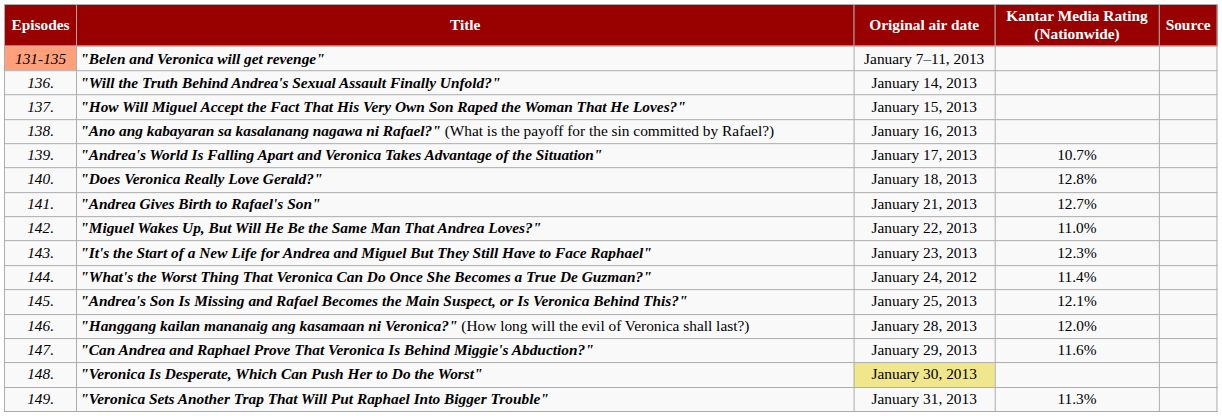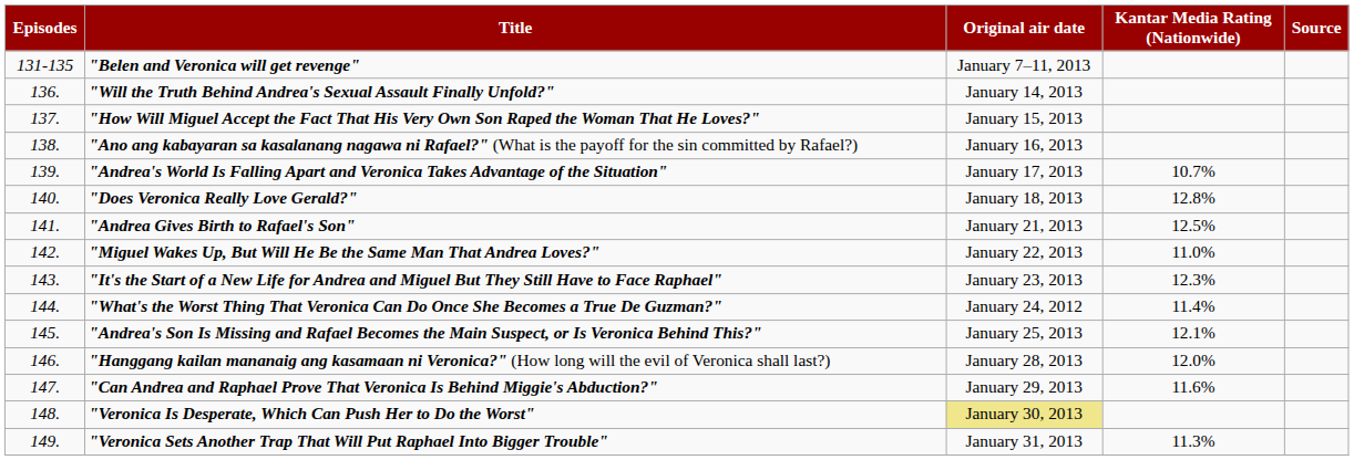 <table class="wikitable" style="text-align:center; font-size:100%; line-height:18px;" width="100%">
 <tr style="color:black;">
 <th style="background:#990000; color:#ffffff">Episodes</th>
 <th style="background:#990000; color:#ffffff">Title</th>
 <th style="background:#990000; color:#ffffff">Original air date</th>
 <th style="background:#990000; color:#ffffff">Kantar Media Rating <br> (Nationwide)</th>
 <th style="background:#990000; color:#ffffff">Source</th>
 </tr>
 <tr style="text-align: center">
-<td style="background: lightsalmon;"><em>131-135</em></td>
+<td><em>131-135</em></td>
 <td align="left"><strong><em>"Belen and Veronica will get revenge"</em></strong></td>
 <td>January 7–11, 2013</td>
 <td></td>
 <td></td>
 </tr>
 <tr>
 <td><em>136.</em></td>
 <td align="left"><strong><em>"Will the Truth Behind Andrea's Sexual Assault Finally Unfold?"</em></strong></td>
 <td>January 14, 2013</td>
 <td></td>
 <td></td>
 </tr>
 <tr>
 <td><em>137.</em></td>
 <td align="left"><strong><em>"How Will Miguel Accept the Fact That His Very Own Son Raped the Woman That He Loves?"</em></strong></td>
 <td>January 15, 2013</td>
 <td></td>
 <td></td>
 </tr>
 <tr>
 <td><em>138.</em></td>
 <td align="left"><strong><em>"Ano ang kabayaran sa kasalanang nagawa ni Rafael?"</em></strong> (What is the payoff for the sin committed by Rafael?)</td>
 <td>January 16, 2013</td>
 <td></td>
 <td></td>
 </tr>
 <tr>
 <td><em>139.</em></td>
 <td align="left"><strong><em>"Andrea's World Is Falling Apart and Veronica Takes Advantage of the Situation"</em></strong></td>
 <td>January 17, 2013</td>
 <td>10.7%</td>
 <td></td>
 </tr>
 <tr>
 <td><em>140.</em></td>
 <td align="left"><strong><em>"Does Veronica Really Love Gerald?"</em></strong></td>
 <td>January 18, 2013</td>
 <td>12.8%</td>
 <td></td>
 </tr>
 <tr>
 <td><em>141.</em></td>
 <td align="left"><strong><em>"Andrea Gives Birth to Rafael's Son"</em></strong></td>
 <td>January 21, 2013</td>
-<td>12.7%</td>
+<td>12.5%</td>
 <td></td>
 </tr>
 <tr>
 <td><em>142.</em></td>
 <td align="left"><strong><em>"Miguel Wakes Up, But Will He Be the Same Man That Andrea Loves?"</em></strong></td>
 <td>January 22, 2013</td>
 <td>11.0%</td>
 <td></td>
 </tr>
 <tr>
 <td><em>143.</em></td>
 <td align="left"><strong><em>"It's the Start of a New Life for Andrea and Miguel But They Still Have to Face Raphael"</em></strong></td>
 <td>January 23, 2013</td>
 <td>12.3%</td>
 <td></td>
 </tr>
 <tr>
 <td><em>144.</em></td>
 <td align="left"><strong><em>"What's the Worst Thing That Veronica Can Do Once She Becomes a True De Guzman?"</em></strong></td>
 <td>January 24, 2012</td>
 <td>11.4%</td>
 <td></td>
 </tr>
 <tr>
 <td><em>145.</em></td>
 <td align="left"><strong><em>"Andrea's Son Is Missing and Rafael Becomes the Main Suspect, or Is Veronica Behind This?"</em></strong></td>
 <td>January 25, 2013</td>
 <td>12.1%</td>
 <td></td>
 </tr>
 <tr>
 <td><em>146.</em></td>
 <td align="left"><strong><em>"Hanggang kailan mananaig ang kasamaan ni Veronica?"</em></strong> (How long will the evil of Veronica shall last?)</td>
 <td>January 28, 2013</td>
 <td>12.0%</td>
 <td></td>
 </tr>
 <tr>
 <td><em>147.</em></td>
 <td align="left"><strong><em>"Can Andrea and Raphael Prove That Veronica Is Behind Miggie's Abduction?"</em></strong></td>
 <td>January 29, 2013</td>
 <td>11.6%</td>
 <td></td>
 </tr>
 <tr>
 <td><em>148.</em></td>
 <td align="left"><strong><em>"Veronica Is Desperate, Which Can Push Her to Do the Worst"</em></strong></td>
 <td style="background: khaki;">January 30, 2013</td>
 <td></td>
 <td></td>
 </tr>
 <tr>
 <td><em>149.</em></td>
 <td align="left"><strong><em>"Veronica Sets Another Trap That Will Put Raphael Into Bigger Trouble"</em></strong></td>
 <td>January 31, 2013</td>
 <td>11.3%</td>
 <td></td>
 </tr>
 <tr>
 </tr>
 </table>
